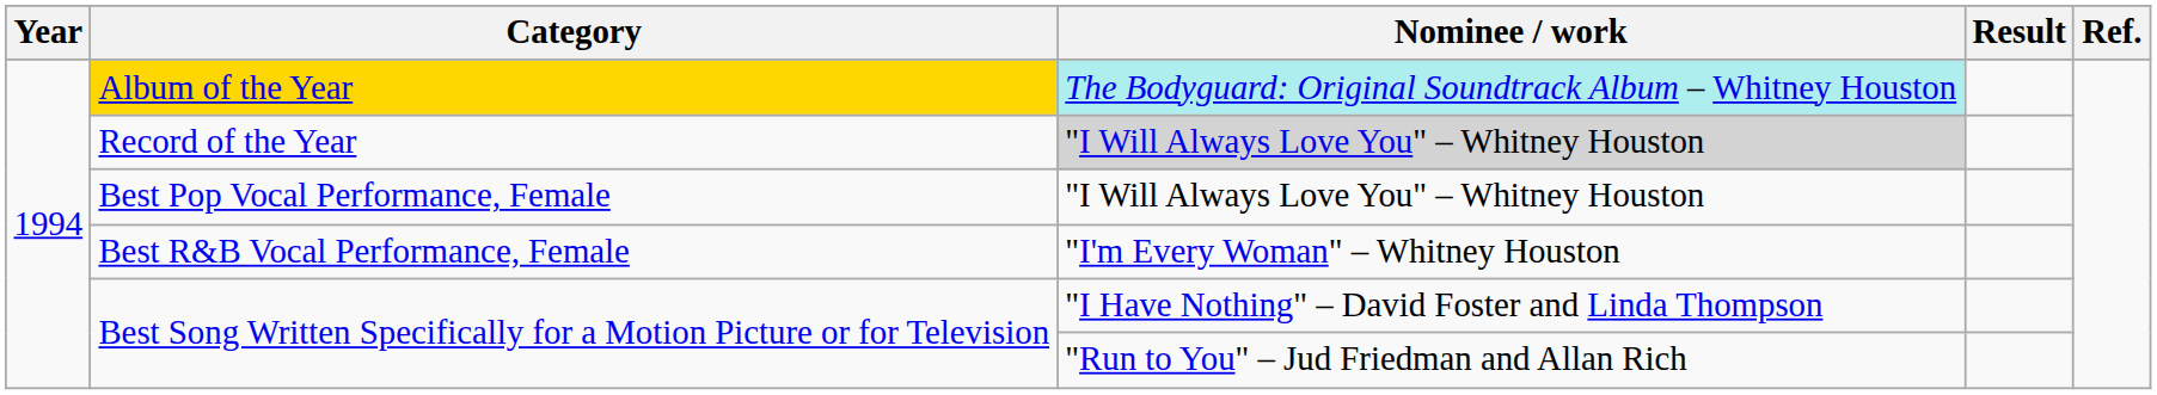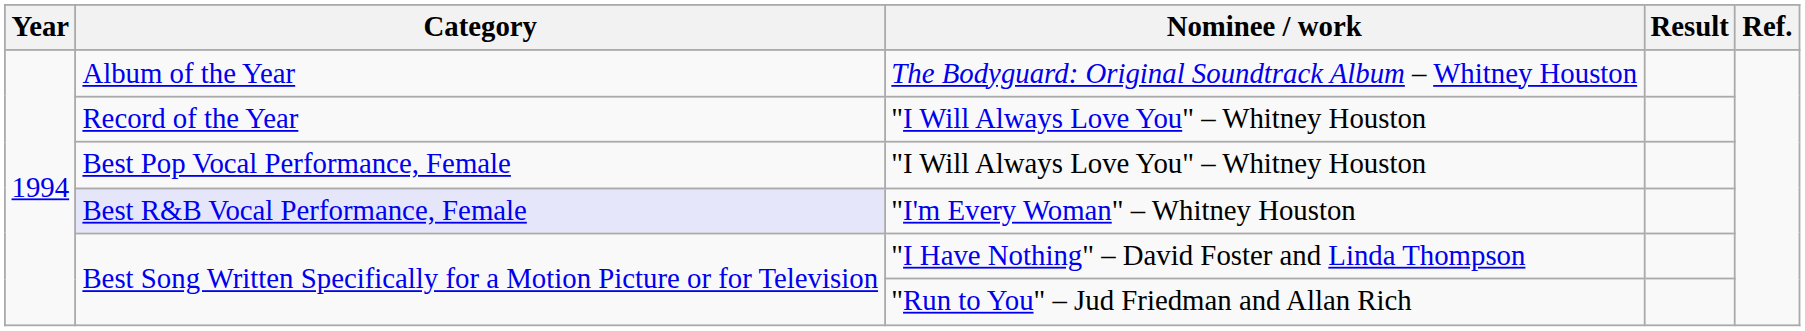 <table class="wikitable">
 <tr>
 <th>Year</th>
 <th>Category</th>
 <th>Nominee / work</th>
 <th>Result</th>
 <th>Ref.</th>
 </tr>
 <tr>
 <td rowspan="6"><a href='#'>1994</a></td>
-<td style="background: gold;"><a href='#'>Album of the Year</a></td>
-<td style="background: paleturquoise;"><em><a href='#'>The Bodyguard: Original Soundtrack Album</a></em> – <a href='#'>Whitney Houston</a></td>
+<td><a href='#'>Album of the Year</a></td>
+<td><em><a href='#'>The Bodyguard: Original Soundtrack Album</a></em> – <a href='#'>Whitney Houston</a></td>
 <td></td>
 <td rowspan="6" align="center"> <br> </td>
 </tr>
 <tr>
 <td><a href='#'>Record of the Year</a></td>
-<td style="background: lightgrey;">"<a href='#'>I Will Always Love You</a>" – Whitney Houston</td>
+<td>"<a href='#'>I Will Always Love You</a>" – Whitney Houston</td>
 <td></td>
 </tr>
 <tr>
 <td><a href='#'>Best Pop Vocal Performance, Female</a></td>
 <td>"I Will Always Love You" – Whitney Houston</td>
 <td></td>
 </tr>
 <tr>
-<td><a href='#'>Best R&B Vocal Performance, Female</a></td>
+<td style="background: lavender;"><a href='#'>Best R&B Vocal Performance, Female</a></td>
 <td>"<a href='#'>I'm Every Woman</a>" – Whitney Houston</td>
 <td></td>
 </tr>
 <tr>
 <td rowspan="2"><a href='#'>Best Song Written Specifically for a Motion Picture or for Television</a></td>
 <td>"<a href='#'>I Have Nothing</a>" – David Foster and <a href='#'>Linda Thompson</a></td>
 <td></td>
 </tr>
 <tr>
 <td>"<a href='#'>Run to You</a>" – Jud Friedman and Allan Rich</td>
 <td></td>
 </tr>
 </table>
